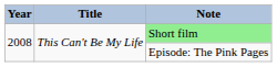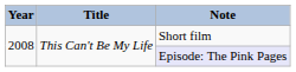 <table class="wikitable">
 <tr>
 <th style="background:#B0C4DE;">Year</th>
 <th style="background:#B0C4DE;">Title</th>
 <th style="background:#B0C4DE;">Note</th>
 </tr>
 <tr>
 <td rowspan="2">2008</td>
 <td rowspan="2"><em>This Can't Be My Life</em></td>
-<td style="background: lightgreen;">Short film</td>
+<td>Short film</td>
 </tr>
 <tr>
-<td>Episode: The Pink Pages</td>
+<td style="background: lavender;">Episode: The Pink Pages</td>
 </tr>
 </table>
